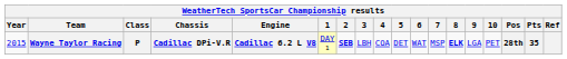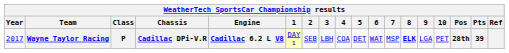 <table class="wikitable" style="text-align:center; font-size:85%">
 <tr>
 <th colspan=45><a href='#'>WeatherTech SportsCar Championship</a> results</th>
 </tr>
 <tr>
 <th>Year</th>
 <th>Team</th>
 <th>Class</th>
 <th>Chassis</th>
 <th>Engine</th>
 <th>1</th>
 <th>2</th>
 <th>3</th>
 <th>4</th>
 <th>5</th>
 <th>6</th>
 <th>7</th>
 <th>8</th>
 <th>9</th>
 <th>10</th>
 <th>Pos</th>
 <th>Pts</th>
 <th>Ref</th>
 </tr>
 <tr>
-<td><a href='#'>2015</a></td>
+<td><a href='#'>2017</a></td>
 <th nowrap><a href='#'>Wayne Taylor Racing</a></th>
 <th>P</th>
 <th nowrap><a href='#'>Cadillac</a> DPi-V.R</th>
 <th nowrap><a href='#'>Cadillac</a> 6.2 L <a href='#'>V8</a></th>
 <td style="background:#FFFFBF;"><a href='#'>DAY</a><br><small>1</small></td>
-<td><strong><a href='#'>SEB</a></strong></td>
+<td><a href='#'>SEB</a></td>
 <td><a href='#'>LBH</a></td>
 <td><a href='#'>COA</a></td>
 <td><a href='#'>DET</a></td>
 <td><a href='#'>WAT</a></td>
 <td><a href='#'>MSP</a></td>
 <td><strong><a href='#'>ELK</a></strong></td>
 <td><a href='#'>LGA</a></td>
 <td><a href='#'>PET</a></td>
 <th>28th</th>
-<th>35</th>
+<th>39</th>
 <th></th>
 </tr>
 </table>
